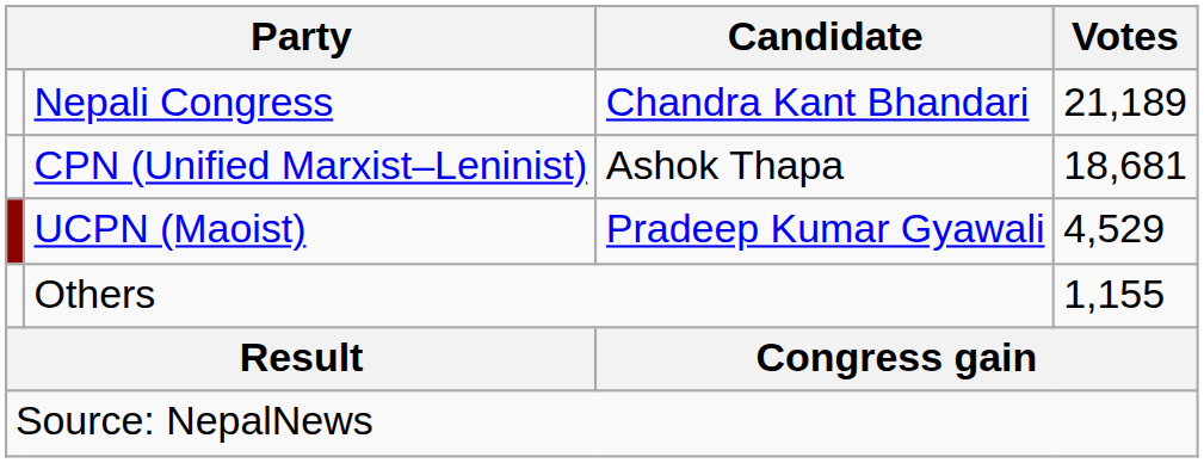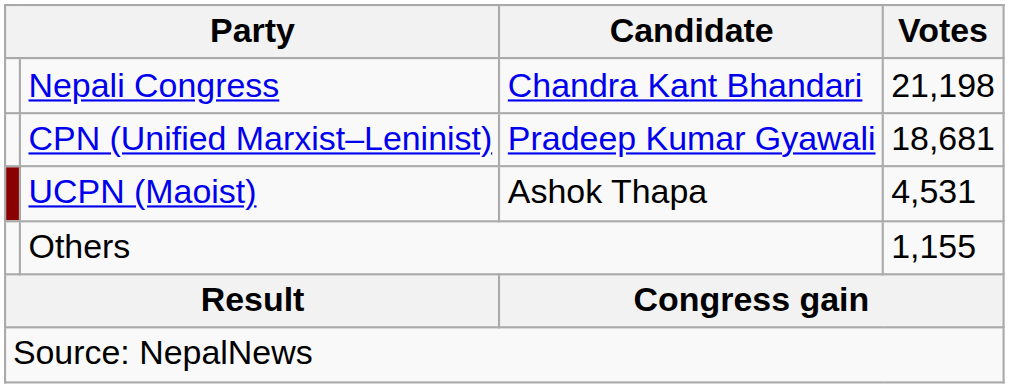 <table class="wikitable">
 <tr>
 <th colspan="2">Party</th>
 <th>Candidate</th>
 <th>Votes</th>
 </tr>
 <tr>
 <td style="background-color:"></td>
 <td><a href='#'>Nepali Congress</a></td>
 <td><a href='#'>Chandra Kant Bhandari</a></td>
-<td>21,189</td>
+<td>21,198</td>
 </tr>
 <tr>
 <td style="background-color:"></td>
 <td><a href='#'>CPN (Unified Marxist–Leninist)</a></td>
-<td>Ashok Thapa</td>
+<td><a href='#'>Pradeep Kumar Gyawali</a></td>
 <td>18,681</td>
 </tr>
 <tr>
 <td style="background-color:darkred"></td>
 <td><a href='#'>UCPN (Maoist)</a></td>
-<td><a href='#'>Pradeep Kumar Gyawali</a></td>
-<td>4,529</td>
+<td>Ashok Thapa</td>
+<td>4,531</td>
 </tr>
 <tr>
 <td></td>
 <td colspan="2">Others</td>
 <td>1,155</td>
 </tr>
 <tr>
 <th colspan="2">Result</th>
 <th colspan="2">Congress gain</th>
 </tr>
 <tr>
 <td colspan="4">Source: NepalNews</td>
 </tr>
 </table>
